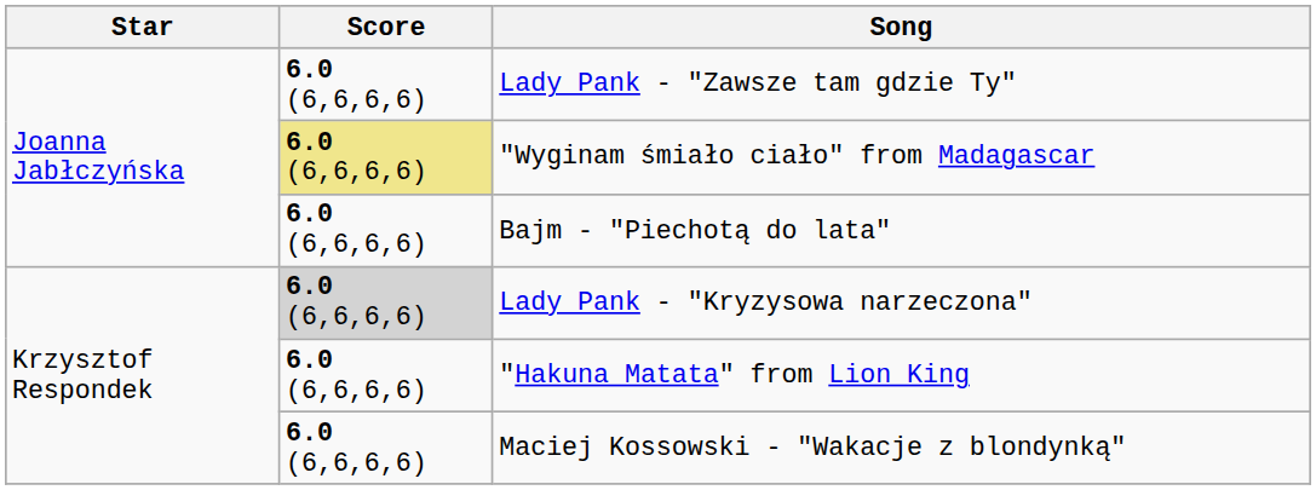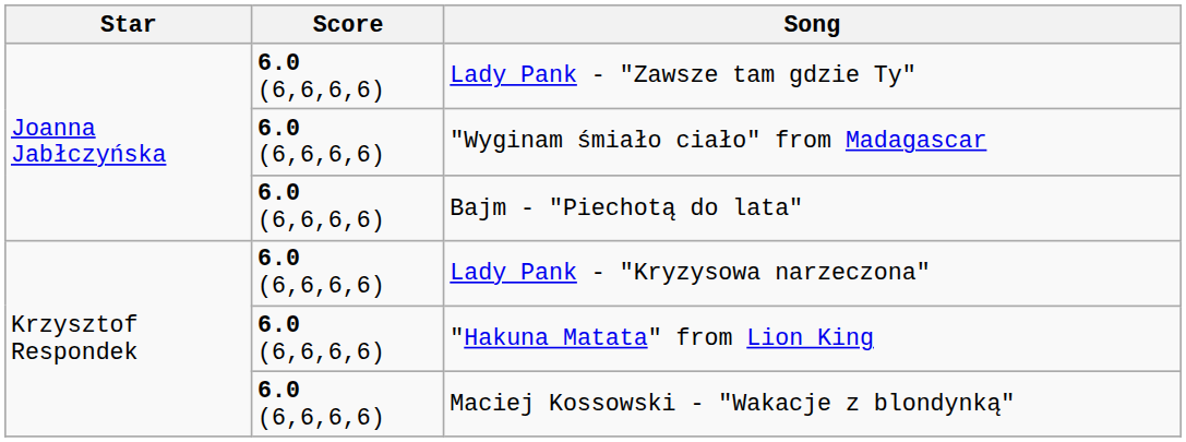 <table class="wikitable">
 <tr>
 <th style="width:130px;">Star</th>
 <th style="width:100px;">Score</th>
 <th style="width:400px;">Song</th>
 </tr>
 <tr>
 <td rowspan="3"><a href='#'>Joanna Jabłczyńska</a></td>
 <td><strong>6.0</strong> (6,6,6,6)</td>
 <td><a href='#'>Lady Pank</a> - "Zawsze tam gdzie Ty"</td>
 </tr>
 <tr>
-<td style="background: khaki;"><strong>6.0</strong> (6,6,6,6)</td>
+<td><strong>6.0</strong> (6,6,6,6)</td>
 <td>"Wyginam śmiało ciało" from <a href='#'>Madagascar</a></td>
 </tr>
 <tr>
 <td><strong>6.0</strong> (6,6,6,6)</td>
 <td>Bajm - "Piechotą do lata"</td>
 </tr>
 <tr>
 <td rowspan="3">Krzysztof Respondek</td>
-<td style="background: lightgrey;"><strong>6.0</strong> (6,6,6,6)</td>
+<td><strong>6.0</strong> (6,6,6,6)</td>
 <td><a href='#'>Lady Pank</a> - "Kryzysowa narzeczona"</td>
 </tr>
 <tr>
 <td><strong>6.0</strong> (6,6,6,6)</td>
 <td>"<a href='#'>Hakuna Matata</a>" from <a href='#'>Lion King</a></td>
 </tr>
 <tr>
 <td><strong>6.0</strong> (6,6,6,6)</td>
 <td>Maciej Kossowski - "Wakacje z blondynką"</td>
 </tr>
 </table>
